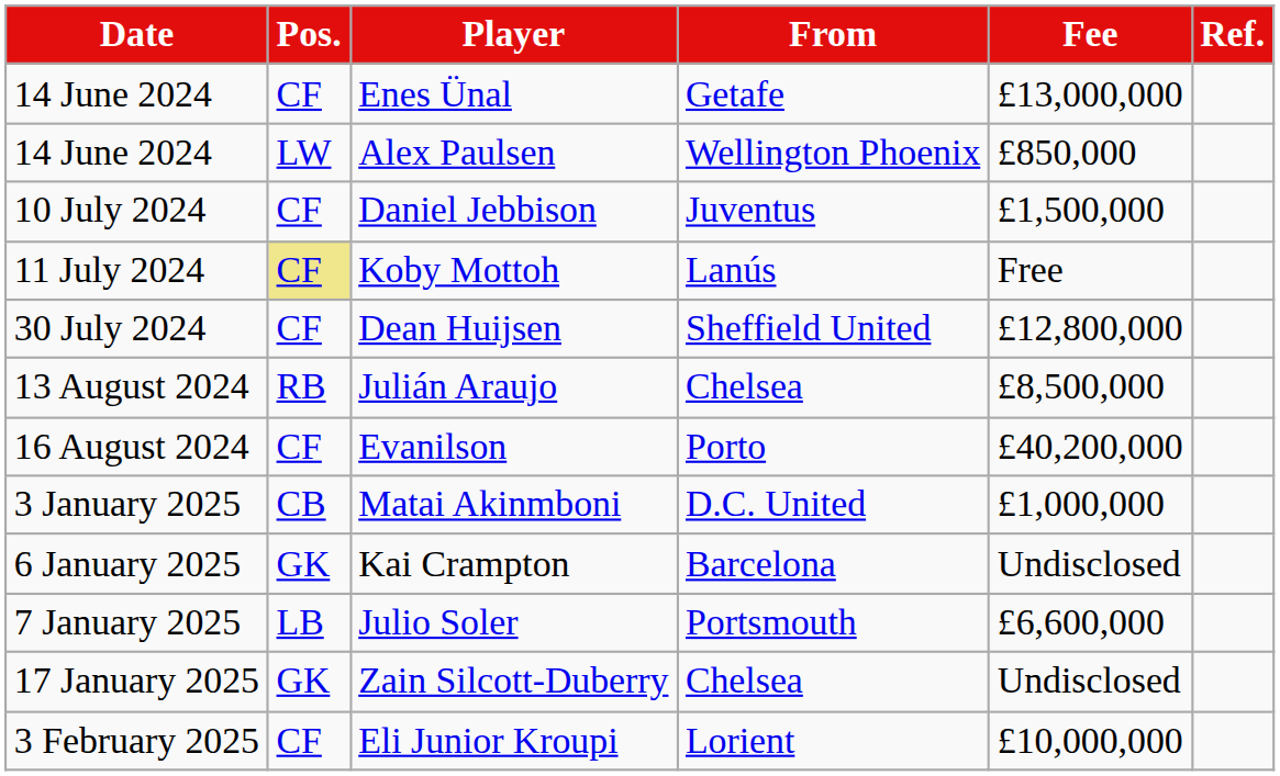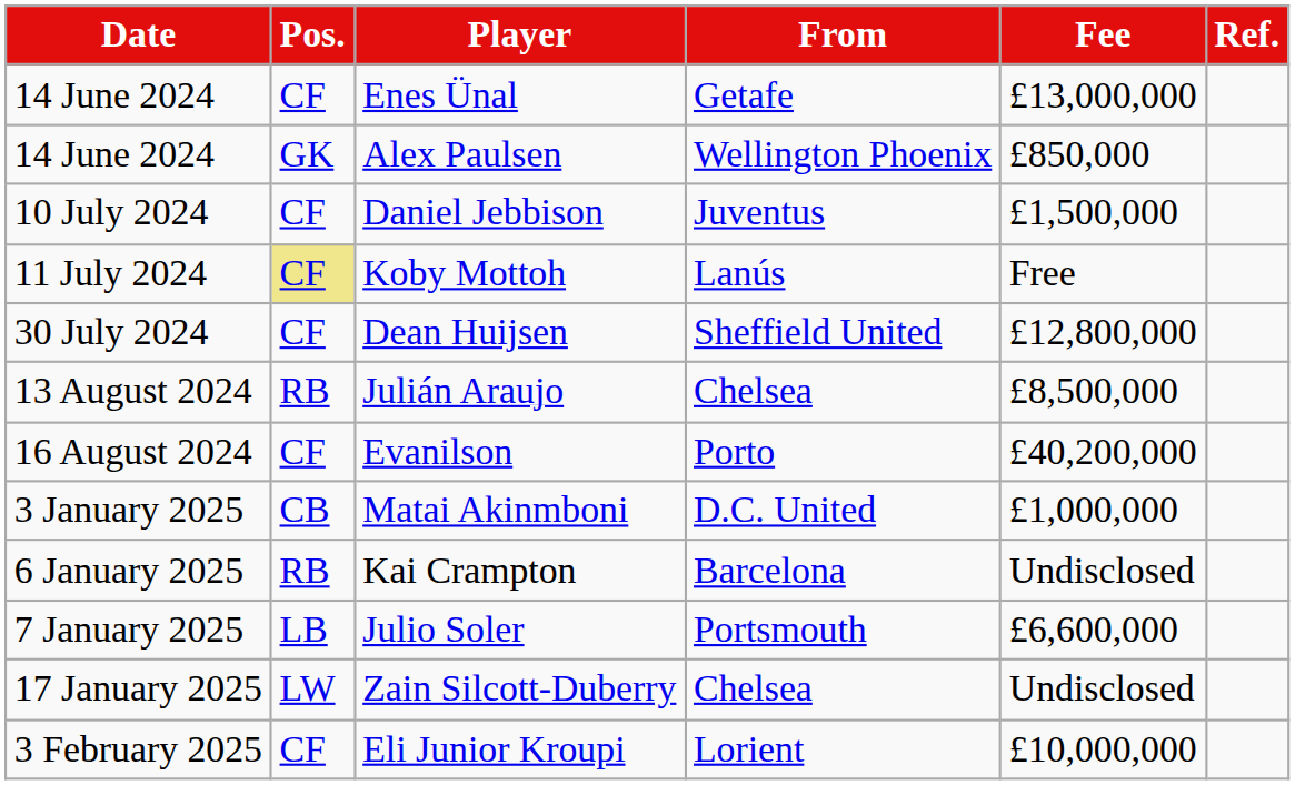 <table class="wikitable plainrowheaders sortable">
 <tr>
 <th style="background:#e20e0e;color:#FFFFFF;">Date</th>
 <th style="background:#e20e0e;color:#FFFFFF;">Pos.</th>
 <th style="background:#e20e0e;color:#FFFFFF;">Player</th>
 <th style="background:#e20e0e;color:#FFFFFF;">From</th>
 <th style="background:#e20e0e;color:#FFFFFF;">Fee</th>
 <th style="background:#e20e0e;color:#FFFFFF;">Ref.</th>
 </tr>
 <tr>
 <td>14 June 2024</td>
 <td><a href='#'>CF</a></td>
 <td> <a href='#'>Enes Ünal</a></td>
 <td> <a href='#'>Getafe</a></td>
 <td>£13,000,000</td>
 <td></td>
 </tr>
 <tr>
 <td>14 June 2024</td>
-<td><a href='#'>LW</a></td>
+<td><a href='#'>GK</a></td>
 <td> <a href='#'>Alex Paulsen</a></td>
 <td> <a href='#'>Wellington Phoenix</a></td>
 <td>£850,000</td>
 <td></td>
 </tr>
 <tr>
 <td>10 July 2024</td>
 <td><a href='#'>CF</a></td>
 <td> <a href='#'>Daniel Jebbison</a></td>
 <td> <a href='#'>Juventus</a></td>
 <td>£1,500,000</td>
 <td></td>
 </tr>
 <tr>
 <td>11 July 2024</td>
 <td style="background: khaki;"><a href='#'>CF</a></td>
 <td> <a href='#'>Koby Mottoh</a></td>
 <td> <a href='#'>Lanús</a></td>
 <td>Free</td>
 <td></td>
 </tr>
 <tr>
 <td>30 July 2024</td>
 <td><a href='#'>CF</a></td>
 <td> <a href='#'>Dean Huijsen</a></td>
 <td> <a href='#'>Sheffield United</a></td>
 <td>£12,800,000</td>
 <td></td>
 </tr>
 <tr>
 <td>13 August 2024</td>
 <td><a href='#'>RB</a></td>
 <td> <a href='#'>Julián Araujo</a></td>
 <td> <a href='#'>Chelsea</a></td>
 <td>£8,500,000</td>
 <td></td>
 </tr>
 <tr>
 <td>16 August 2024</td>
 <td><a href='#'>CF</a></td>
 <td> <a href='#'>Evanilson</a></td>
 <td> <a href='#'>Porto</a></td>
 <td>£40,200,000</td>
 <td></td>
 </tr>
 <tr>
 <td>3 January 2025</td>
 <td><a href='#'>CB</a></td>
 <td> <a href='#'>Matai Akinmboni</a></td>
 <td> <a href='#'>D.C. United</a></td>
 <td>£1,000,000</td>
 <td></td>
 </tr>
 <tr>
 <td>6 January 2025</td>
-<td><a href='#'>GK</a></td>
+<td><a href='#'>RB</a></td>
 <td> Kai Crampton</td>
 <td> <a href='#'>Barcelona</a></td>
 <td>Undisclosed</td>
 <td></td>
 </tr>
 <tr>
 <td>7 January 2025</td>
 <td><a href='#'>LB</a></td>
 <td> <a href='#'>Julio Soler</a></td>
 <td> <a href='#'>Portsmouth</a></td>
 <td>£6,600,000</td>
 <td></td>
 </tr>
 <tr>
 <td>17 January 2025</td>
-<td><a href='#'>GK</a></td>
+<td><a href='#'>LW</a></td>
 <td> <a href='#'>Zain Silcott-Duberry</a></td>
 <td> <a href='#'>Chelsea</a></td>
 <td>Undisclosed</td>
 <td></td>
 </tr>
 <tr>
 <td>3 February 2025</td>
 <td><a href='#'>CF</a></td>
 <td> <a href='#'>Eli Junior Kroupi</a></td>
 <td> <a href='#'>Lorient</a></td>
 <td>£10,000,000</td>
 <td></td>
 </tr>
 </table>
